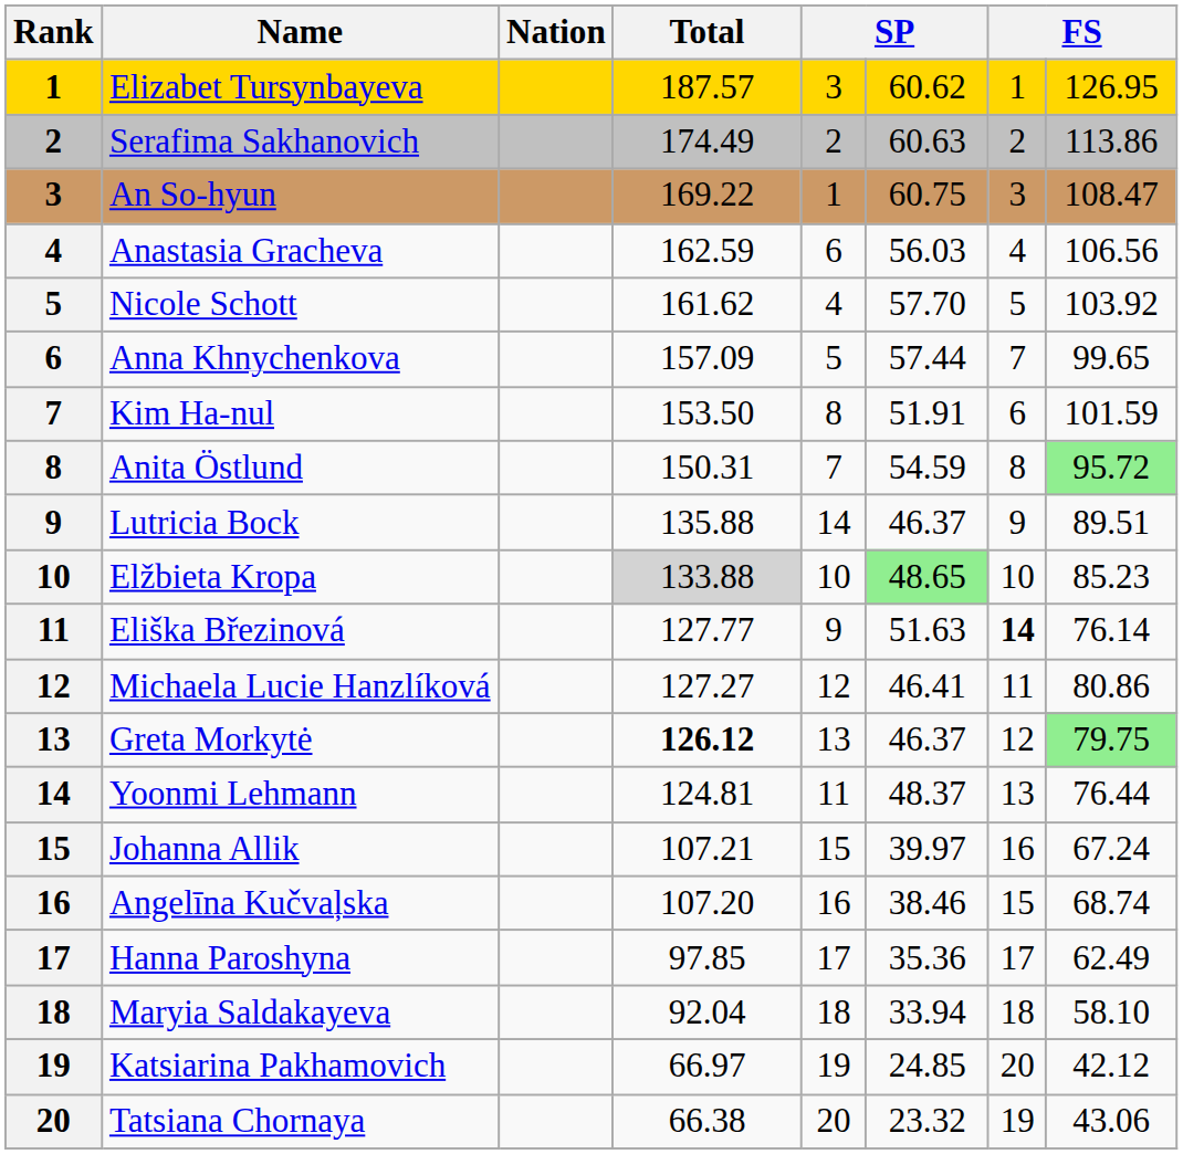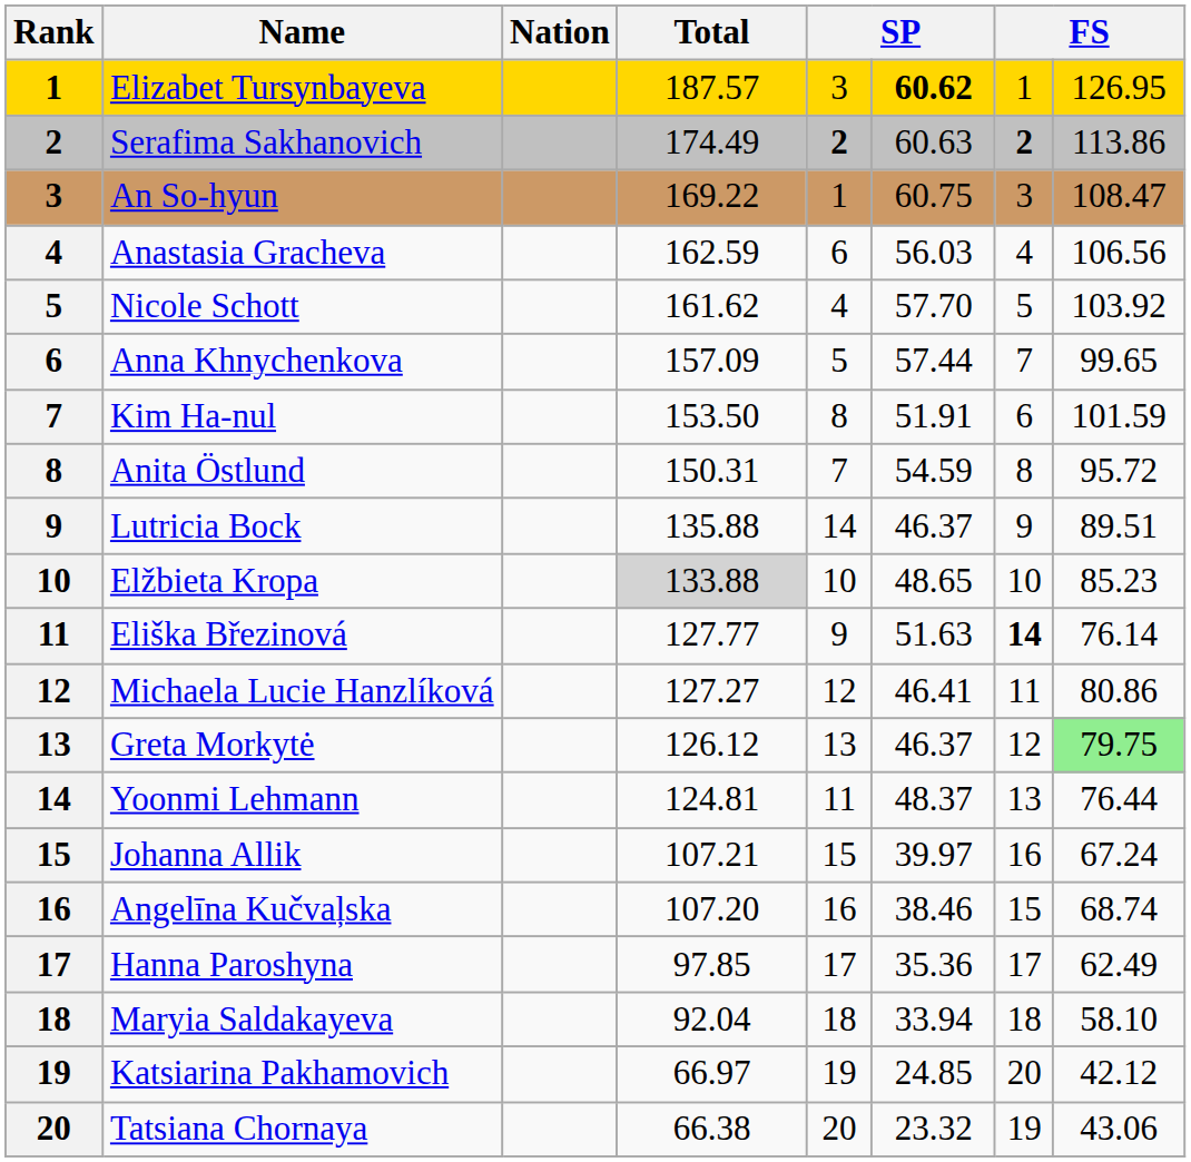 <table class="wikitable sortable">
 <tr>
 <th>Rank</th>
 <th>Name</th>
 <th>Nation</th>
 <th width="80px">Total</th>
 <th colspan="2" width="80px"><a href='#'>SP</a></th>
 <th colspan="2" width="80px"><a href='#'>FS</a></th>
 </tr>
 <tr bgcolor="gold">
 <td align="center"><strong>1</strong></td>
 <td><a href='#'>Elizabet Tursynbayeva</a></td>
 <td></td>
 <td align="center">187.57</td>
 <td align="center">3</td>
-<td align="center">60.62</td>
+<td align="center"><strong>60.62</strong></td>
 <td align="center">1</td>
 <td align="center">126.95</td>
 </tr>
 <tr bgcolor="silver">
 <td align="center"><strong>2</strong></td>
 <td><a href='#'>Serafima Sakhanovich</a></td>
 <td></td>
 <td align="center">174.49</td>
-<td align="center">2</td>
+<td align="center"><strong>2</strong></td>
 <td align="center">60.63</td>
-<td align="center">2</td>
+<td align="center"><strong>2</strong></td>
 <td align="center">113.86</td>
 </tr>
 <tr bgcolor="cc9966">
 <td align="center"><strong>3</strong></td>
 <td><a href='#'>An So-hyun</a></td>
 <td></td>
 <td align="center">169.22</td>
 <td align="center">1</td>
 <td align="center">60.75</td>
 <td align="center">3</td>
 <td align="center">108.47</td>
 </tr>
 <tr>
 <th>4</th>
 <td><a href='#'>Anastasia Gracheva</a></td>
 <td></td>
 <td align="center">162.59</td>
 <td align="center">6</td>
 <td align="center">56.03</td>
 <td align="center">4</td>
 <td align="center">106.56</td>
 </tr>
 <tr>
 <th>5</th>
 <td><a href='#'>Nicole Schott</a></td>
 <td></td>
 <td align="center">161.62</td>
 <td align="center">4</td>
 <td align="center">57.70</td>
 <td align="center">5</td>
 <td align="center">103.92</td>
 </tr>
 <tr>
 <th>6</th>
 <td><a href='#'>Anna Khnychenkova</a></td>
 <td></td>
 <td align="center">157.09</td>
 <td align="center">5</td>
 <td align="center">57.44</td>
 <td align="center">7</td>
 <td align="center">99.65</td>
 </tr>
 <tr>
 <th>7</th>
 <td><a href='#'>Kim Ha-nul</a></td>
 <td></td>
 <td align="center">153.50</td>
 <td align="center">8</td>
 <td align="center">51.91</td>
 <td align="center">6</td>
 <td align="center">101.59</td>
 </tr>
 <tr>
 <th>8</th>
 <td><a href='#'>Anita Östlund</a></td>
 <td></td>
 <td align="center">150.31</td>
 <td align="center">7</td>
 <td align="center">54.59</td>
 <td align="center">8</td>
-<td align="center" style="background: lightgreen;">95.72</td>
+<td align="center">95.72</td>
 </tr>
 <tr>
 <th>9</th>
 <td><a href='#'>Lutricia Bock</a></td>
 <td></td>
 <td align="center">135.88</td>
 <td align="center">14</td>
 <td align="center">46.37</td>
 <td align="center">9</td>
 <td align="center">89.51</td>
 </tr>
 <tr>
 <th>10</th>
 <td><a href='#'>Elžbieta Kropa</a></td>
 <td></td>
 <td align="center" style="background: lightgrey;">133.88</td>
 <td align="center">10</td>
-<td align="center" style="background: lightgreen;">48.65</td>
+<td align="center">48.65</td>
 <td align="center">10</td>
 <td align="center">85.23</td>
 </tr>
 <tr>
 <th>11</th>
 <td><a href='#'>Eliška Březinová</a></td>
 <td></td>
 <td align="center">127.77</td>
 <td align="center">9</td>
 <td align="center">51.63</td>
 <td align="center"><strong>14</strong></td>
 <td align="center">76.14</td>
 </tr>
 <tr>
 <th>12</th>
 <td><a href='#'>Michaela Lucie Hanzlíková</a></td>
 <td></td>
 <td align="center">127.27</td>
 <td align="center">12</td>
 <td align="center">46.41</td>
 <td align="center">11</td>
 <td align="center">80.86</td>
 </tr>
 <tr>
 <th>13</th>
 <td><a href='#'>Greta Morkytė</a></td>
 <td></td>
-<td align="center"><strong>126.12</strong></td>
+<td align="center">126.12</td>
 <td align="center">13</td>
 <td align="center">46.37</td>
 <td align="center">12</td>
 <td align="center" style="background: lightgreen;">79.75</td>
 </tr>
 <tr>
 <th>14</th>
 <td><a href='#'>Yoonmi Lehmann</a></td>
 <td></td>
 <td align="center">124.81</td>
 <td align="center">11</td>
 <td align="center">48.37</td>
 <td align="center">13</td>
 <td align="center">76.44</td>
 </tr>
 <tr>
 <th>15</th>
 <td><a href='#'>Johanna Allik</a></td>
 <td></td>
 <td align="center">107.21</td>
 <td align="center">15</td>
 <td align="center">39.97</td>
 <td align="center">16</td>
 <td align="center">67.24</td>
 </tr>
 <tr>
 <th>16</th>
 <td><a href='#'>Angelīna Kučvaļska</a></td>
 <td></td>
 <td align="center">107.20</td>
 <td align="center">16</td>
 <td align="center">38.46</td>
 <td align="center">15</td>
 <td align="center">68.74</td>
 </tr>
 <tr>
 <th>17</th>
 <td><a href='#'>Hanna Paroshyna</a></td>
 <td></td>
 <td align="center">97.85</td>
 <td align="center">17</td>
 <td align="center">35.36</td>
 <td align="center">17</td>
 <td align="center">62.49</td>
 </tr>
 <tr>
 <th>18</th>
 <td><a href='#'>Maryia Saldakayeva</a></td>
 <td></td>
 <td align="center">92.04</td>
 <td align="center">18</td>
 <td align="center">33.94</td>
 <td align="center">18</td>
 <td align="center">58.10</td>
 </tr>
 <tr>
 <th>19</th>
 <td><a href='#'>Katsiarina Pakhamovich</a></td>
 <td></td>
 <td align="center">66.97</td>
 <td align="center">19</td>
 <td align="center">24.85</td>
 <td align="center">20</td>
 <td align="center">42.12</td>
 </tr>
 <tr>
 <th>20</th>
 <td><a href='#'>Tatsiana Chornaya</a></td>
 <td></td>
 <td align="center">66.38</td>
 <td align="center">20</td>
 <td align="center">23.32</td>
 <td align="center">19</td>
 <td align="center">43.06</td>
 </tr>
 </table>
